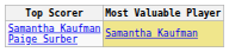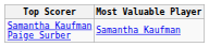 <table class="wikitable" style="margin: 0 auto;">
 <tr>
 <th>Top Scorer</th>
 <th>Most Valuable Player</th>
 </tr>
 <tr>
 <td> <a href='#'>Samantha Kaufman</a> <br>  <a href='#'>Paige Surber</a></td>
-<td style="background: khaki;"> <a href='#'>Samantha Kaufman</a></td>
+<td> <a href='#'>Samantha Kaufman</a></td>
 </tr>
 </table>
